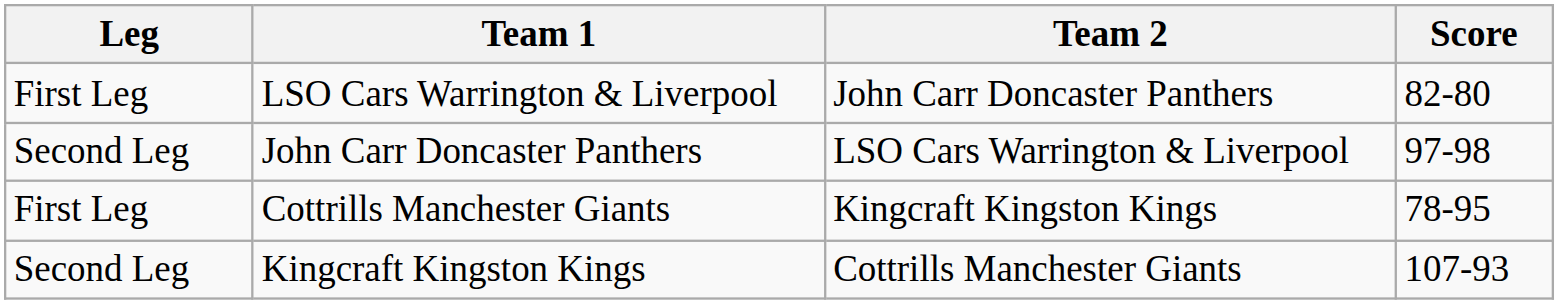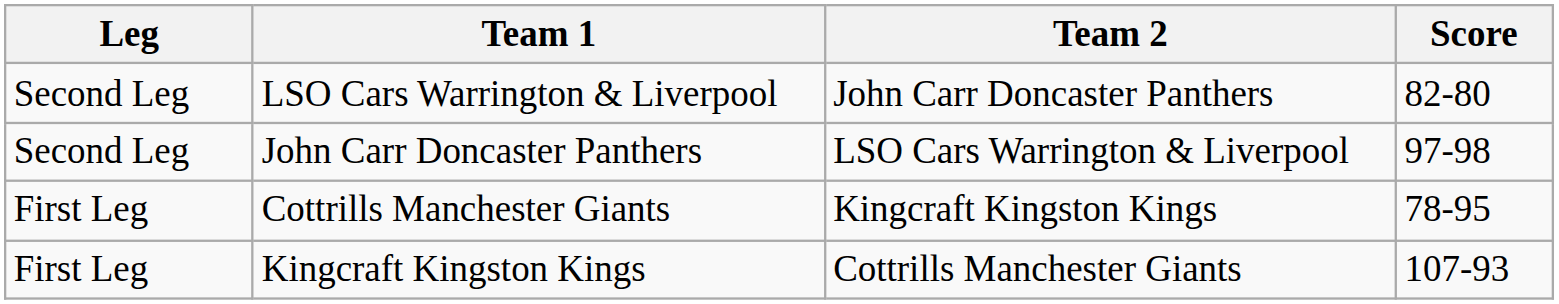 <table class="wikitable" style="font-size: 100%">
 <tr>
 <th width=100>Leg</th>
 <th width=240>Team 1</th>
 <th width=240>Team 2</th>
 <th width=60>Score</th>
 </tr>
 <tr>
-<td>First Leg</td>
+<td>Second Leg</td>
 <td>LSO Cars Warrington & Liverpool</td>
 <td>John Carr Doncaster Panthers</td>
 <td>82-80</td>
 </tr>
 <tr>
 <td>Second Leg</td>
 <td>John Carr Doncaster Panthers</td>
 <td>LSO Cars Warrington & Liverpool</td>
 <td>97-98</td>
 </tr>
 <tr>
 <td>First Leg</td>
 <td>Cottrills Manchester Giants</td>
 <td>Kingcraft Kingston Kings</td>
 <td>78-95</td>
 </tr>
 <tr>
-<td>Second Leg</td>
+<td>First Leg</td>
 <td>Kingcraft Kingston Kings</td>
 <td>Cottrills Manchester Giants</td>
 <td>107-93</td>
 </tr>
 </table>
